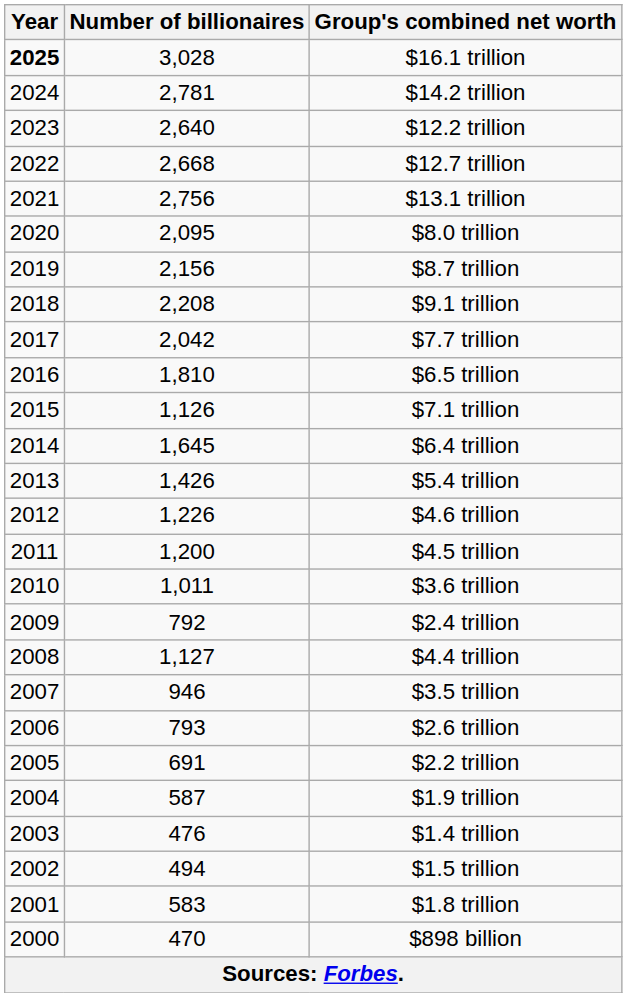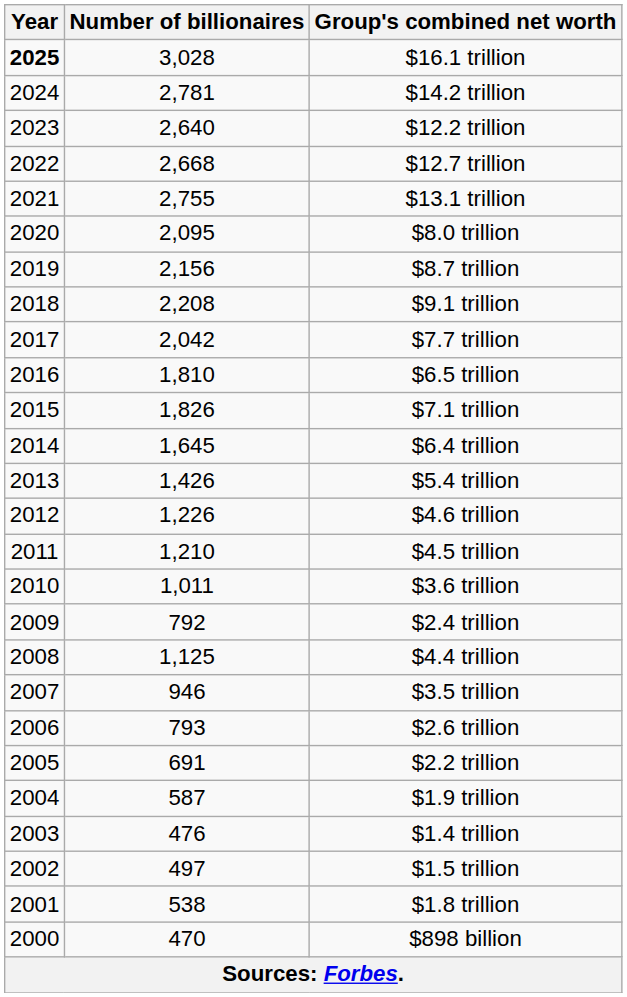 <table class="wikitable sortable">
 <tr>
 <th>Year</th>
 <th>Number of billionaires</th>
 <th>Group's combined net worth</th>
 </tr>
 <tr>
 <td align="center"><strong>2025</strong></td>
 <td align="center">3,028</td>
 <td align="center">$16.1 trillion</td>
 </tr>
 <tr>
 <td align="center">2024</td>
 <td align="center">2,781</td>
 <td align="center">$14.2 trillion</td>
 </tr>
 <tr>
 <td align="center">2023</td>
 <td align="center">2,640</td>
 <td align="center">$12.2 trillion</td>
 </tr>
 <tr>
 <td align="center">2022</td>
 <td align="center">2,668</td>
 <td align="center">$12.7 trillion</td>
 </tr>
 <tr>
 <td align="center">2021</td>
-<td align="center">2,756</td>
+<td align="center">2,755</td>
 <td align="center">$13.1 trillion</td>
 </tr>
 <tr>
 <td align="center">2020</td>
 <td align="center">2,095</td>
 <td align="center">$8.0 trillion</td>
 </tr>
 <tr>
 <td align="center">2019</td>
 <td align="center">2,156</td>
 <td align="center">$8.7 trillion</td>
 </tr>
 <tr>
 <td align="center">2018</td>
 <td align="center">2,208</td>
 <td align="center">$9.1 trillion</td>
 </tr>
 <tr>
 <td align="center">2017</td>
 <td align="center">2,042</td>
 <td align="center">$7.7 trillion</td>
 </tr>
 <tr>
 <td align="center">2016</td>
 <td align="center">1,810</td>
 <td align="center">$6.5 trillion</td>
 </tr>
 <tr>
 <td align="center">2015</td>
-<td align="center">1,126</td>
+<td align="center">1,826</td>
 <td align="center">$7.1 trillion</td>
 </tr>
 <tr>
 <td align="center">2014</td>
 <td align="center">1,645</td>
 <td align="center">$6.4 trillion</td>
 </tr>
 <tr>
 <td align="center">2013</td>
 <td align="center">1,426</td>
 <td align="center">$5.4 trillion</td>
 </tr>
 <tr>
 <td align="center">2012</td>
 <td align="center">1,226</td>
 <td align="center">$4.6 trillion</td>
 </tr>
 <tr>
 <td align="center">2011</td>
-<td align="center">1,200</td>
+<td align="center">1,210</td>
 <td align="center">$4.5 trillion</td>
 </tr>
 <tr>
 <td align="center">2010</td>
 <td align="center">1,011</td>
 <td align="center">$3.6 trillion</td>
 </tr>
 <tr>
 <td align="center">2009</td>
 <td align="center">792</td>
 <td align="center">$2.4 trillion</td>
 </tr>
 <tr>
 <td align="center">2008</td>
-<td align="center">1,127</td>
+<td align="center">1,125</td>
 <td align="center">$4.4 trillion</td>
 </tr>
 <tr>
 <td align="center">2007</td>
 <td align="center">946</td>
 <td align="center">$3.5 trillion</td>
 </tr>
 <tr>
 <td align="center">2006</td>
 <td align="center">793</td>
 <td align="center">$2.6 trillion</td>
 </tr>
 <tr>
 <td align="center">2005</td>
 <td align="center">691</td>
 <td align="center">$2.2 trillion</td>
 </tr>
 <tr>
 <td align="center">2004</td>
 <td align="center">587</td>
 <td align="center">$1.9 trillion</td>
 </tr>
 <tr>
 <td align="center">2003</td>
 <td align="center">476</td>
 <td align="center">$1.4 trillion</td>
 </tr>
 <tr>
 <td align="center">2002</td>
-<td align="center">494</td>
+<td align="center">497</td>
 <td align="center">$1.5 trillion</td>
 </tr>
 <tr>
 <td align="center">2001</td>
-<td align="center">583</td>
+<td align="center">538</td>
 <td align="center">$1.8 trillion</td>
 </tr>
 <tr>
 <td align="center">2000</td>
 <td align="center">470</td>
 <td align="center">$898 billion</td>
 </tr>
 <tr>
 <th colspan="3" style="text-align: center; class: unsortable"><strong>Sources:</strong> <em><a href='#'>Forbes</a></em>.</th>
 </tr>
 </table>
